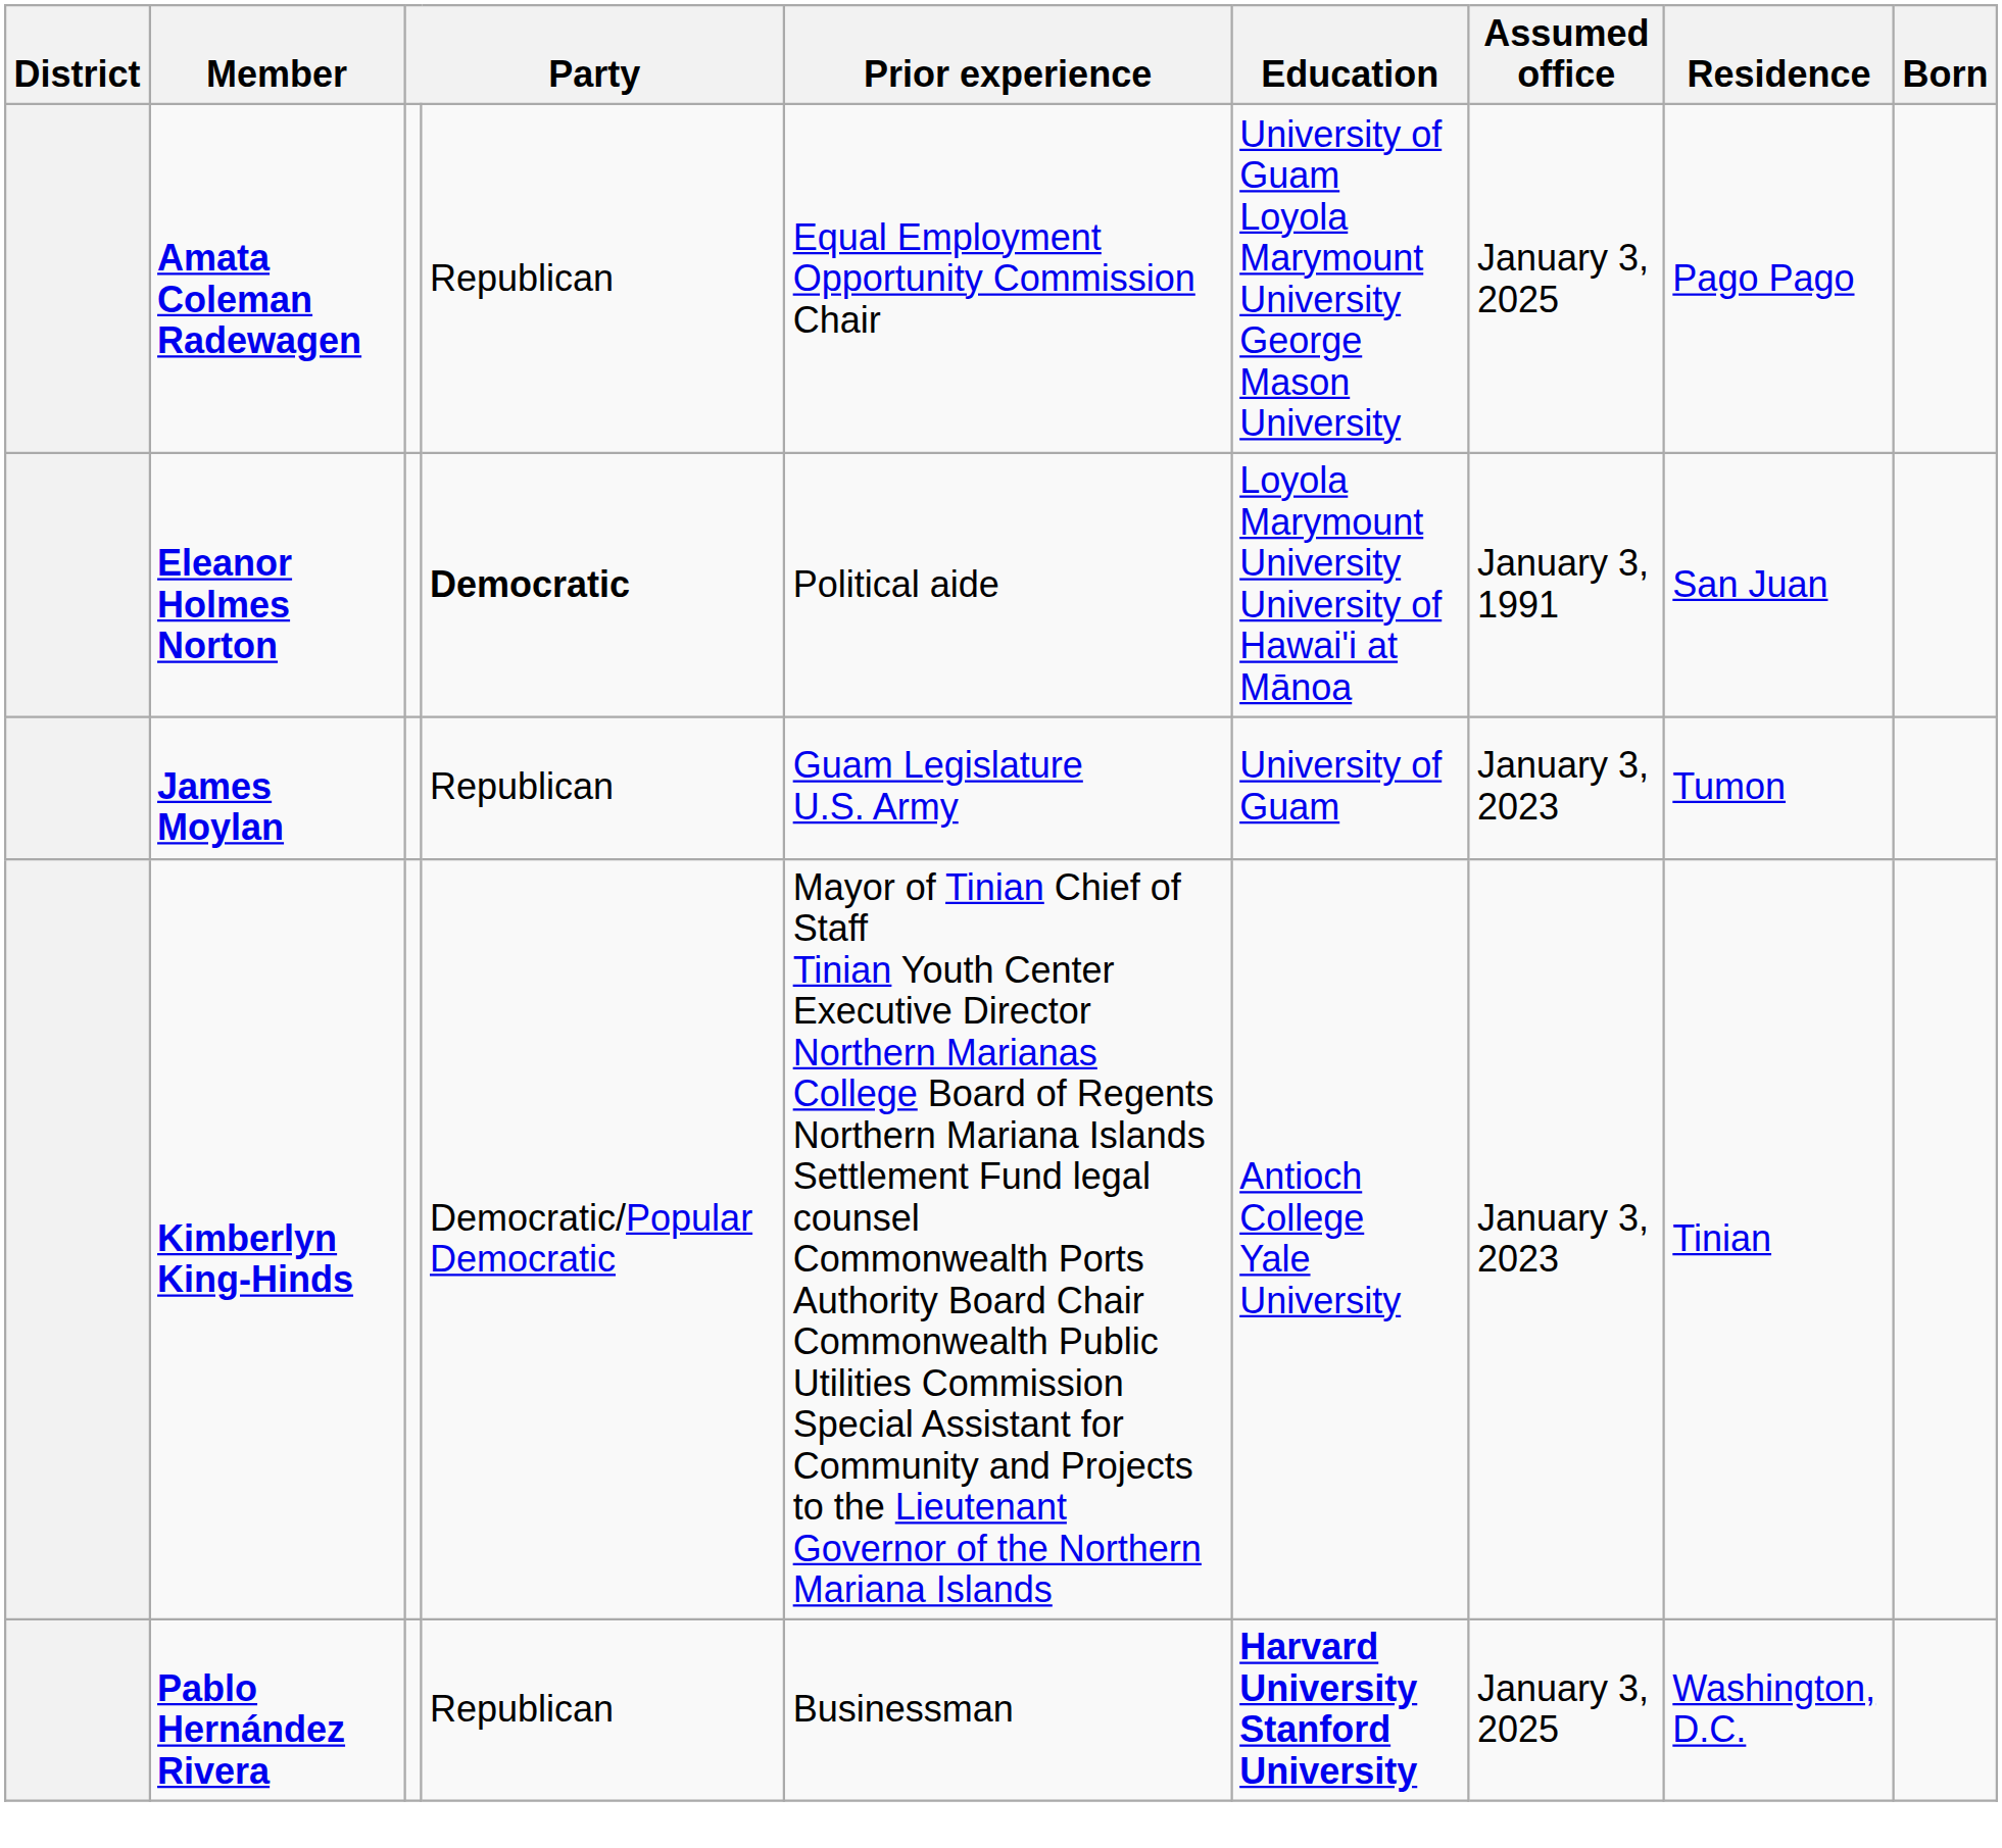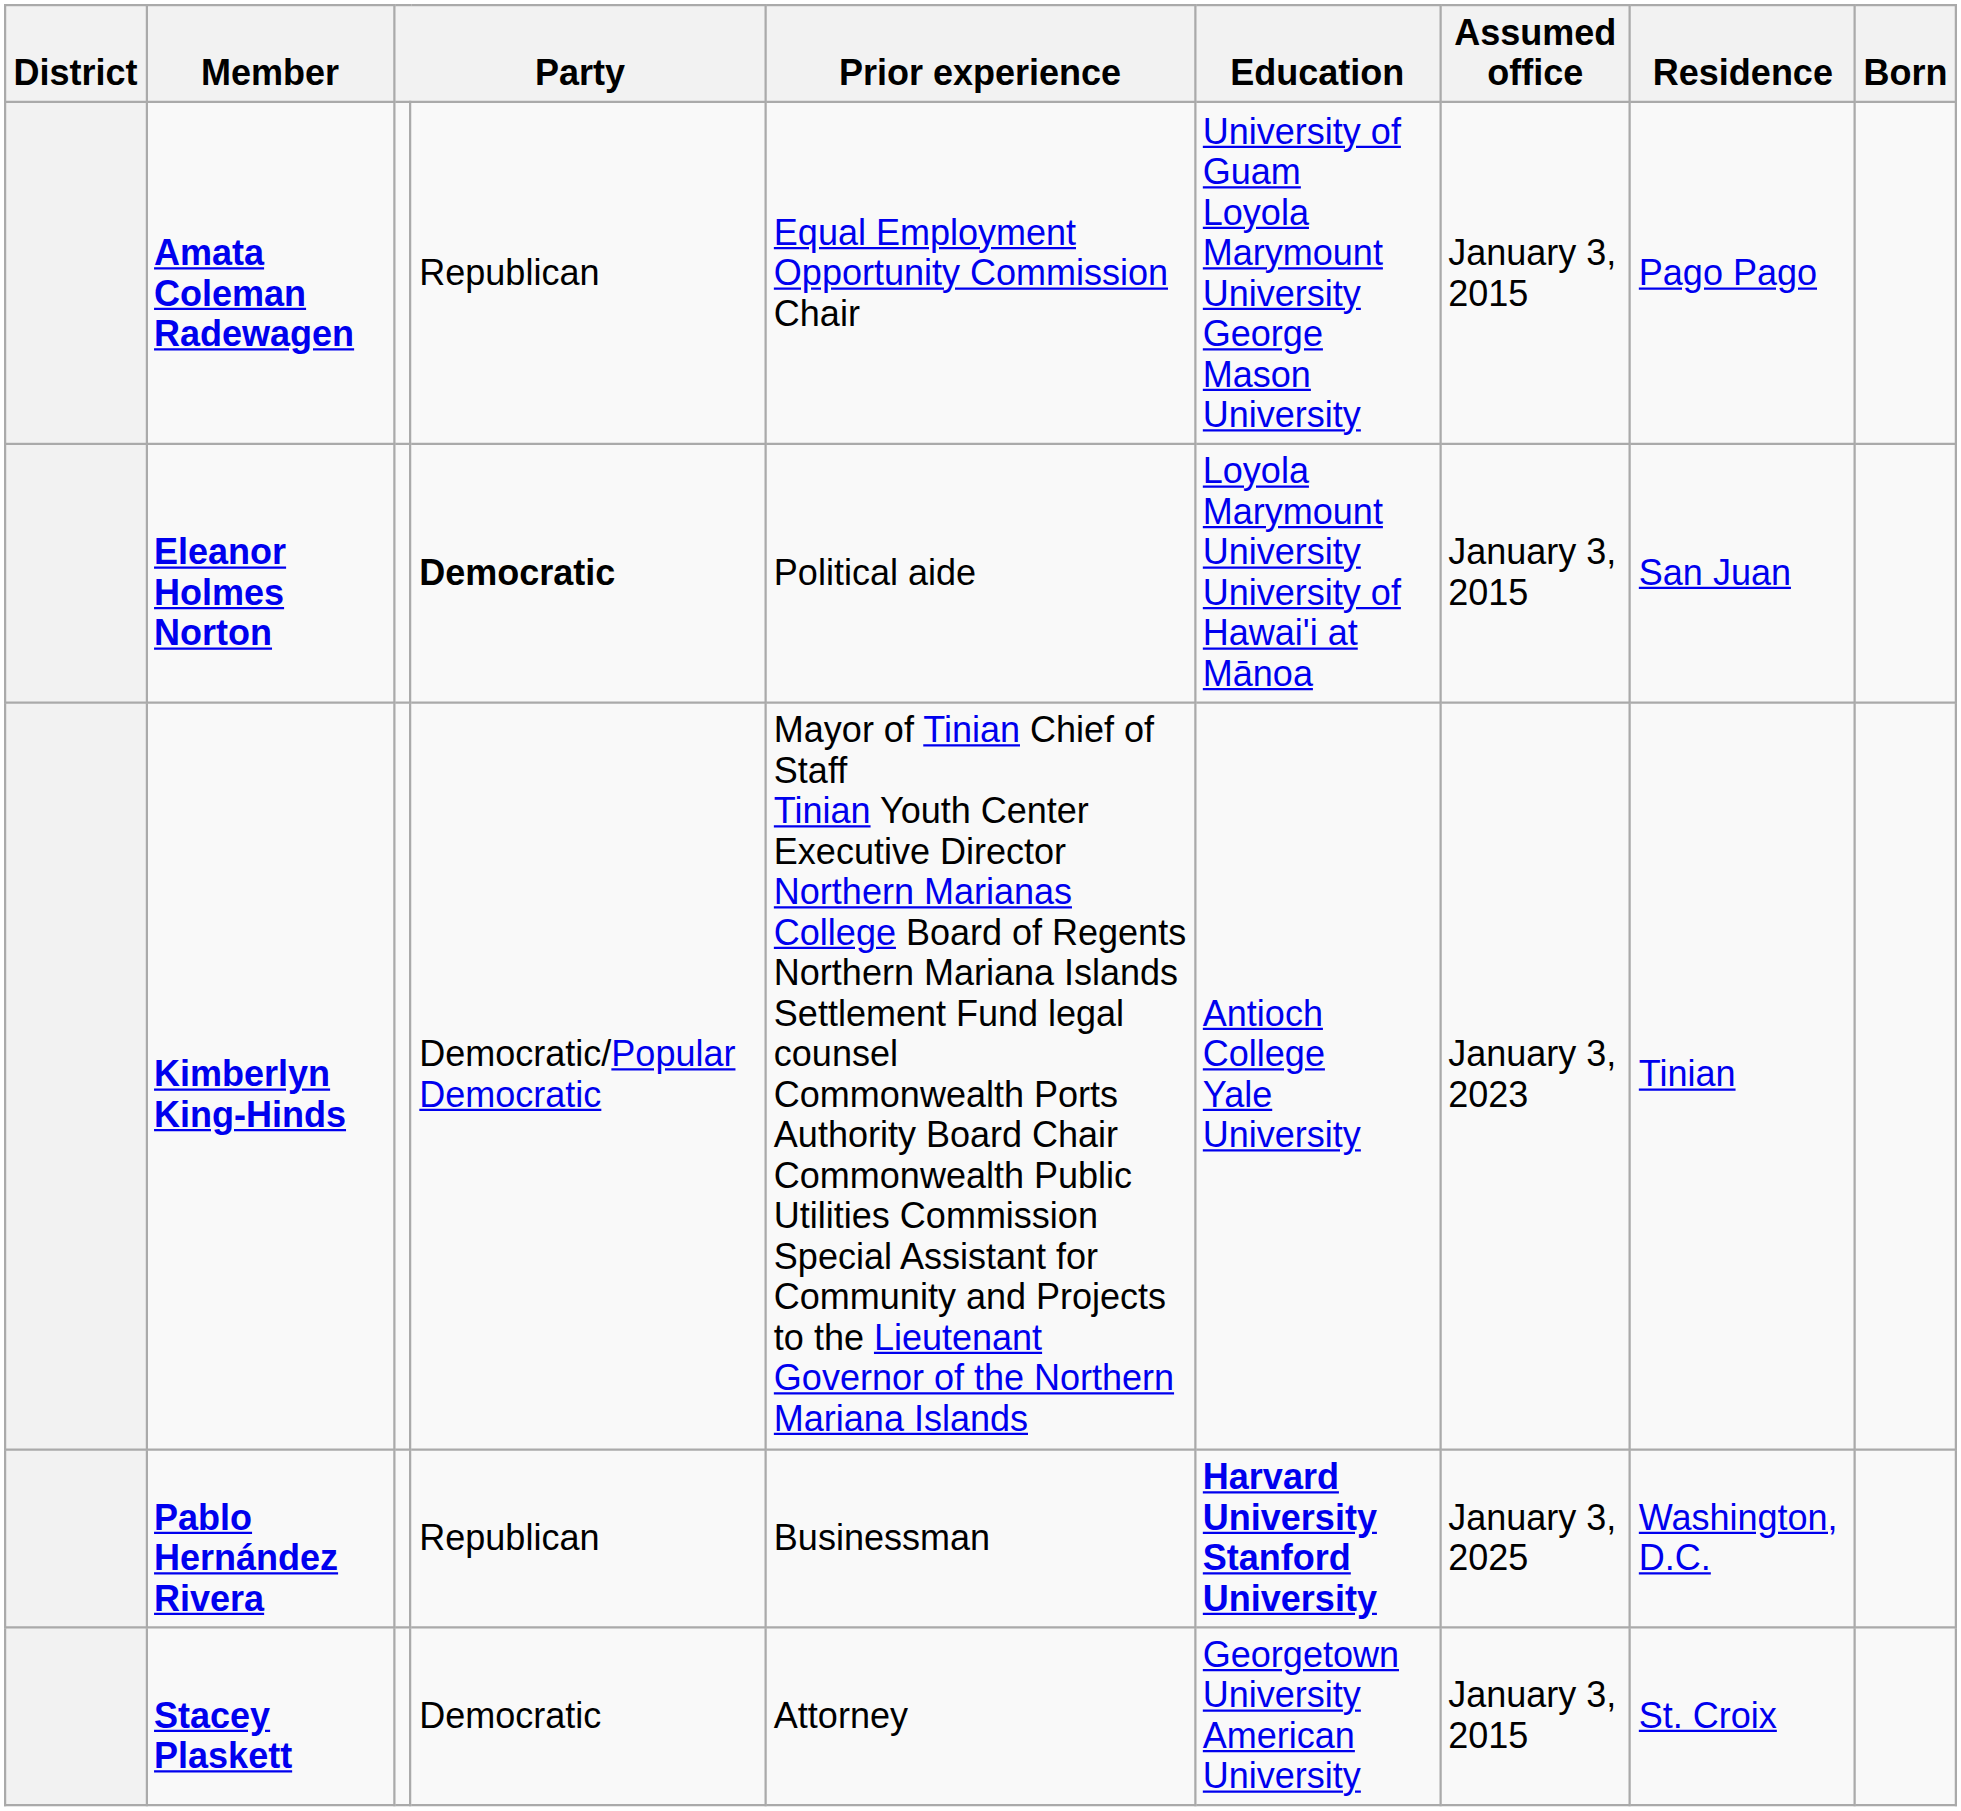 <table class="wikitable sortable sticky-header" id="nonvotingmembers">
 <tr style="vertical-align:bottom">
 <th scope="col">District</th>
 <th scope="col">Member</th>
 <th scope="col" colspan=2>Party</th>
 <th scope="col">Prior experience</th>
 <th scope="col">Education</th>
 <th scope="col">Assumed office</th>
 <th scope="col">Residence</th>
 <th scope="col">Born</th>
 </tr>
 <tr>
 <th scope="row"></th>
 <td data-sort-value="Radewagen, Amata Coleman"><br><strong><a href='#'>Amata Coleman Radewagen</a></strong></td>
 <td style="background-color:"></td>
 <td>Republican</td>
 <td><a href='#'>Equal Employment Opportunity Commission</a> Chair</td>
 <td><a href='#'>University of Guam</a> <br><a href='#'>Loyola Marymount University</a><br><a href='#'>George Mason University</a></td>
-<td>January 3, 2025</td>
+<td>January 3, 2015</td>
 <td><a href='#'>Pago Pago</a></td>
 <td></td>
 </tr>
 <tr>
 <th scope="row"></th>
 <td data-sort-value="Holmes Norton, Eleanor"> <br> <strong><a href='#'>Eleanor Holmes Norton</a></strong></td>
 <td style="background-color:"></td>
 <td><strong>Democratic</strong></td>
 <td>Political aide</td>
 <td><a href='#'>Loyola Marymount University</a> <br><a href='#'>University of Hawai'i at Mānoa</a> </td>
-<td>January 3, 1991</td>
+<td>January 3, 2015</td>
 <td><a href='#'>San Juan</a></td>
-<td></td>
-</tr>
-<tr>
-<th scope="row"></th>
-<td data-sort-value="Moylan, James"><br><strong><a href='#'>James Moylan</a></strong></td>
-<td style="background-color:"></td>
-<td>Republican</td>
-<td><a href='#'>Guam Legislature</a><br><a href='#'>U.S. Army</a></td>
-<td><a href='#'>University of Guam</a> </td>
-<td>January 3, 2023</td>
-<td><a href='#'>Tumon</a></td>
 <td></td>
 </tr>
 <tr>
 <th scope="row"></th>
 <td data-sort-value="King-Hinds"><br><strong><a href='#'>Kimberlyn King-Hinds</a></strong></td>
 <td style="background-color:"></td>
 <td>Democratic/<a href='#'>Popular Democratic</a></td>
 <td>Mayor of <a href='#'>Tinian</a> Chief of Staff<br><a href='#'>Tinian</a> Youth Center Executive Director<br><a href='#'>Northern Marianas College</a> Board of Regents<br>Northern Mariana Islands Settlement Fund legal counsel<br>Commonwealth Ports Authority Board Chair<br>Commonwealth Public Utilities Commission<br>Special Assistant for Community and Projects to the <a href='#'>Lieutenant Governor of the Northern Mariana Islands</a></td>
 <td><a href='#'>Antioch College</a> <br><a href='#'>Yale University</a> </td>
 <td>January 3, 2023</td>
 <td><a href='#'>Tinian</a></td>
 <td></td>
 </tr>
 <tr>
 <th scope="row"></th>
 <td data-sort-value="HernandezRivera"> <br><strong><a href='#'>Pablo Hernández Rivera</a></strong></td>
 <td style="background-color:"></td>
 <td>Republican</td>
 <td>Businessman</td>
 <td><strong><a href='#'>Harvard University</a> <br><a href='#'>Stanford University</a> </strong></td>
 <td>January 3, 2025</td>
 <td><a href='#'>Washington, D.C.</a></td>
 <td></td>
 </tr>
+<tr>
+<th scope="row"></th>
+<td data-sort-value="Plaskett, Stacey"> <br><strong><a href='#'>Stacey Plaskett</a></strong></td>
+<td style="background-color:"></td>
+<td>Democratic</td>
+<td>Attorney</td>
+<td><a href='#'>Georgetown University</a> <br><a href='#'>American University</a> </td>
+<td>January 3, 2015</td>
+<td><a href='#'>St. Croix</a></td>
+<td></td>
+</tr>
 </table>
